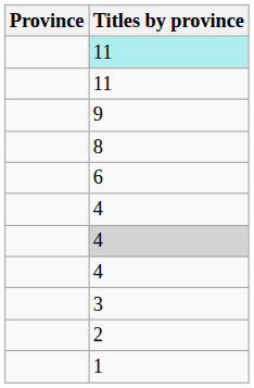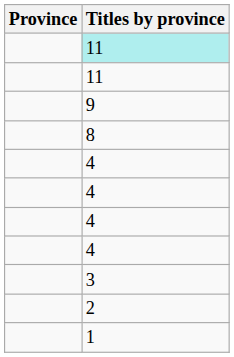 <table class="wikitable">
 <tr>
 <th>Province</th>
 <th>Titles by province</th>
 </tr>
 <tr>
 <td></td>
 <td style="background: paleturquoise;">11</td>
 </tr>
 <tr>
 <td></td>
 <td>11</td>
 </tr>
 <tr>
 <td></td>
 <td>9</td>
 </tr>
 <tr>
 <td></td>
 <td>8</td>
 </tr>
 <tr>
 <td></td>
-<td>6</td>
+<td>4</td>
 </tr>
 <tr>
 <td></td>
 <td>4</td>
 </tr>
 <tr>
 <td></td>
-<td style="background: lightgrey;">4</td>
+<td>4</td>
 </tr>
 <tr>
 <td></td>
 <td>4</td>
 </tr>
 <tr>
 <td></td>
 <td>3</td>
 </tr>
 <tr>
 <td></td>
 <td>2</td>
 </tr>
 <tr>
 <td></td>
 <td>1</td>
 </tr>
 </table>
